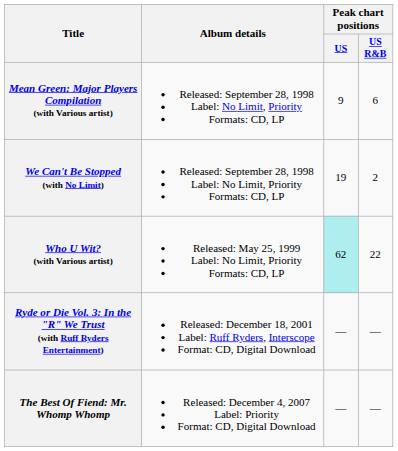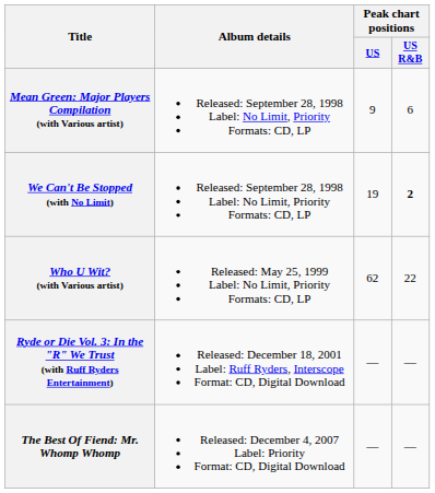 <table class="wikitable plainrowheaders" style="text-align:center;">
 <tr>
 <th scope="col" rowspan="2" style="width:12em;">Title</th>
 <th scope="col" rowspan="2" style="width:16em;">Album details</th>
 <th scope="col" colspan="2">Peak chart positions</th>
 </tr>
 <tr>
 <th scope="col" style="width:3em;font-size:90%;"><a href='#'>US</a></th>
 <th scope="col" style="width:3em;font-size:90%;"><a href='#'>US R&B</a></th>
 </tr>
 <tr>
 <th scope="row"><em><a href='#'>Mean Green: Major Players Compilation</a></em><br><small>(with Various artist)</small></th>
 <td><br><ul><li>Released: September 28, 1998</li><li>Label: <a href='#'>No Limit</a>, <a href='#'>Priority</a></li><li>Formats: CD, LP</li></ul></td>
 <td>9</td>
 <td>6</td>
 </tr>
 <tr>
 <th scope="row"><em><a href='#'>We Can't Be Stopped</a></em><br><small>(with <a href='#'>No Limit</a>)</small></th>
 <td><br><ul><li>Released: September 28, 1998</li><li>Label: No Limit, Priority</li><li>Formats: CD, LP</li></ul></td>
 <td>19</td>
-<td>2</td>
+<td><strong>2</strong></td>
 </tr>
 <tr>
 <th scope="row"><em><a href='#'>Who U Wit?</a></em><br><small>(with Various artist)</small></th>
 <td><br><ul><li>Released: May 25, 1999</li><li>Label: No Limit, Priority</li><li>Formats: CD, LP</li></ul></td>
-<td style="background: paleturquoise;">62</td>
+<td>62</td>
 <td>22</td>
 </tr>
 <tr>
 <th scope="row"><em><a href='#'>Ryde or Die Vol. 3: In the "R" We Trust</a></em><br><small>(with <a href='#'>Ruff Ryders Entertainment</a>)</small></th>
 <td><br><ul><li>Released: December 18, 2001</li><li>Label: <a href='#'>Ruff Ryders</a>, <a href='#'>Interscope</a></li><li>Format: CD, Digital Download</li></ul></td>
 <td>—</td>
 <td>—</td>
 </tr>
 <tr>
 <th scope="row"><em>The Best Of Fiend: Mr. Whomp Whomp</em></th>
 <td><br><ul><li>Released: December 4, 2007</li><li>Label: Priority</li><li>Format: CD, Digital Download</li></ul></td>
 <td>—</td>
 <td>—</td>
 </tr>
 </table>
